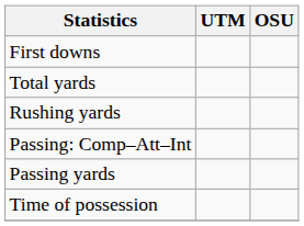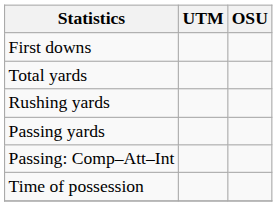 <table class="wikitable" style="float: left;">
 <tr>
 <th>Statistics</th>
 <th>UTM</th>
 <th>OSU</th>
 </tr>
 <tr>
 <td>First downs</td>
 <td></td>
 <td></td>
 </tr>
 <tr>
 <td>Total yards</td>
 <td></td>
 <td></td>
 </tr>
 <tr>
 <td>Rushing yards</td>
 <td></td>
 <td></td>
 </tr>
 <tr>
-<td>Passing: Comp–Att–Int</td>
+<td>Passing yards</td>
 <td></td>
 <td></td>
 </tr>
 <tr>
-<td>Passing yards</td>
+<td>Passing: Comp–Att–Int</td>
 <td></td>
 <td></td>
 </tr>
 <tr>
 <td>Time of possession</td>
 <td></td>
 <td></td>
 </tr>
 <tr>
 </tr>
 </table>
